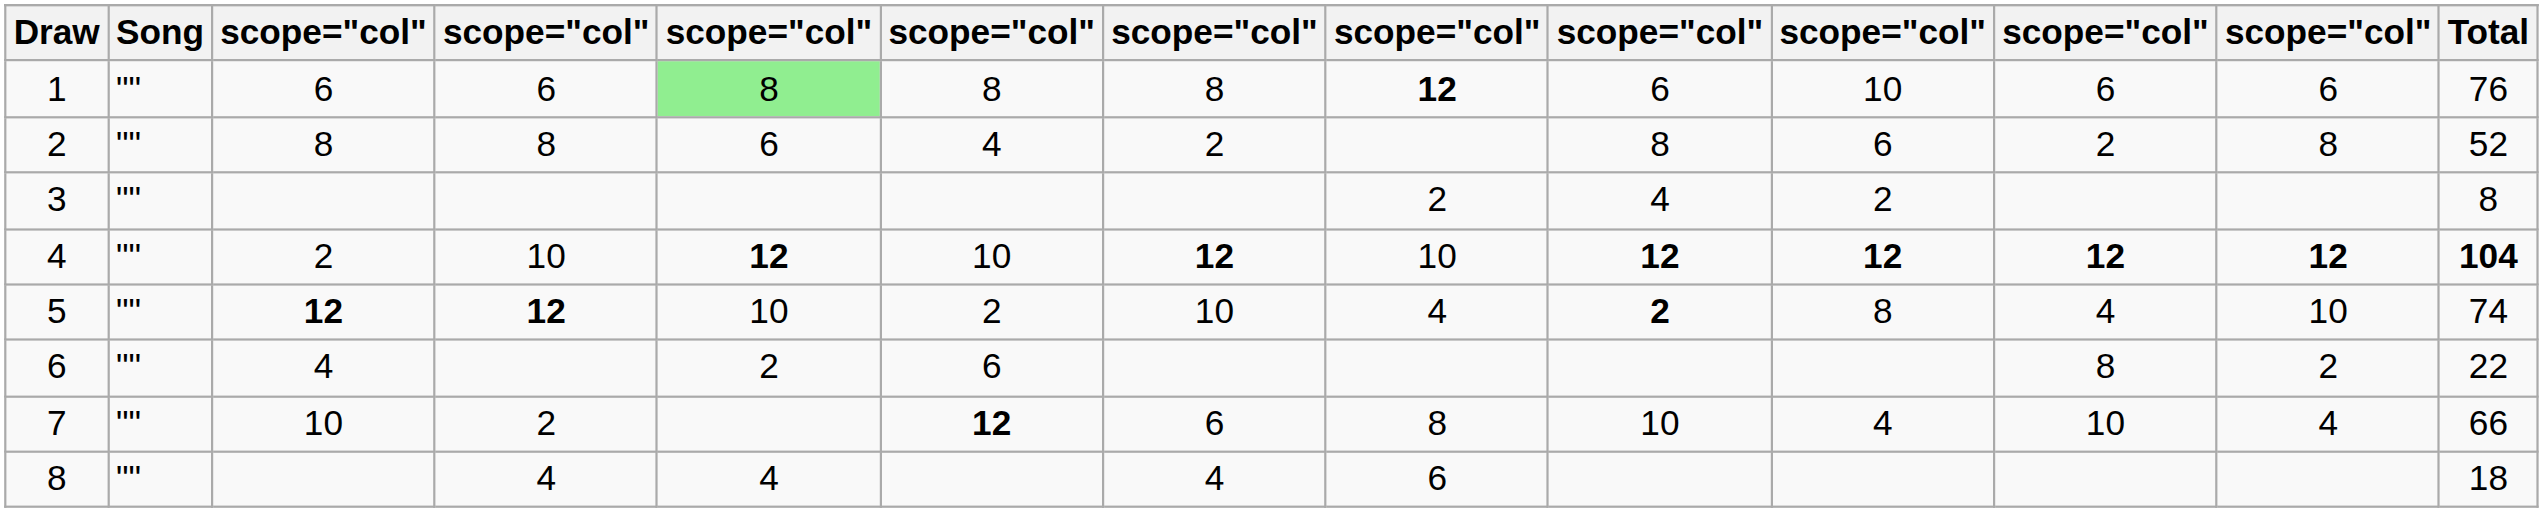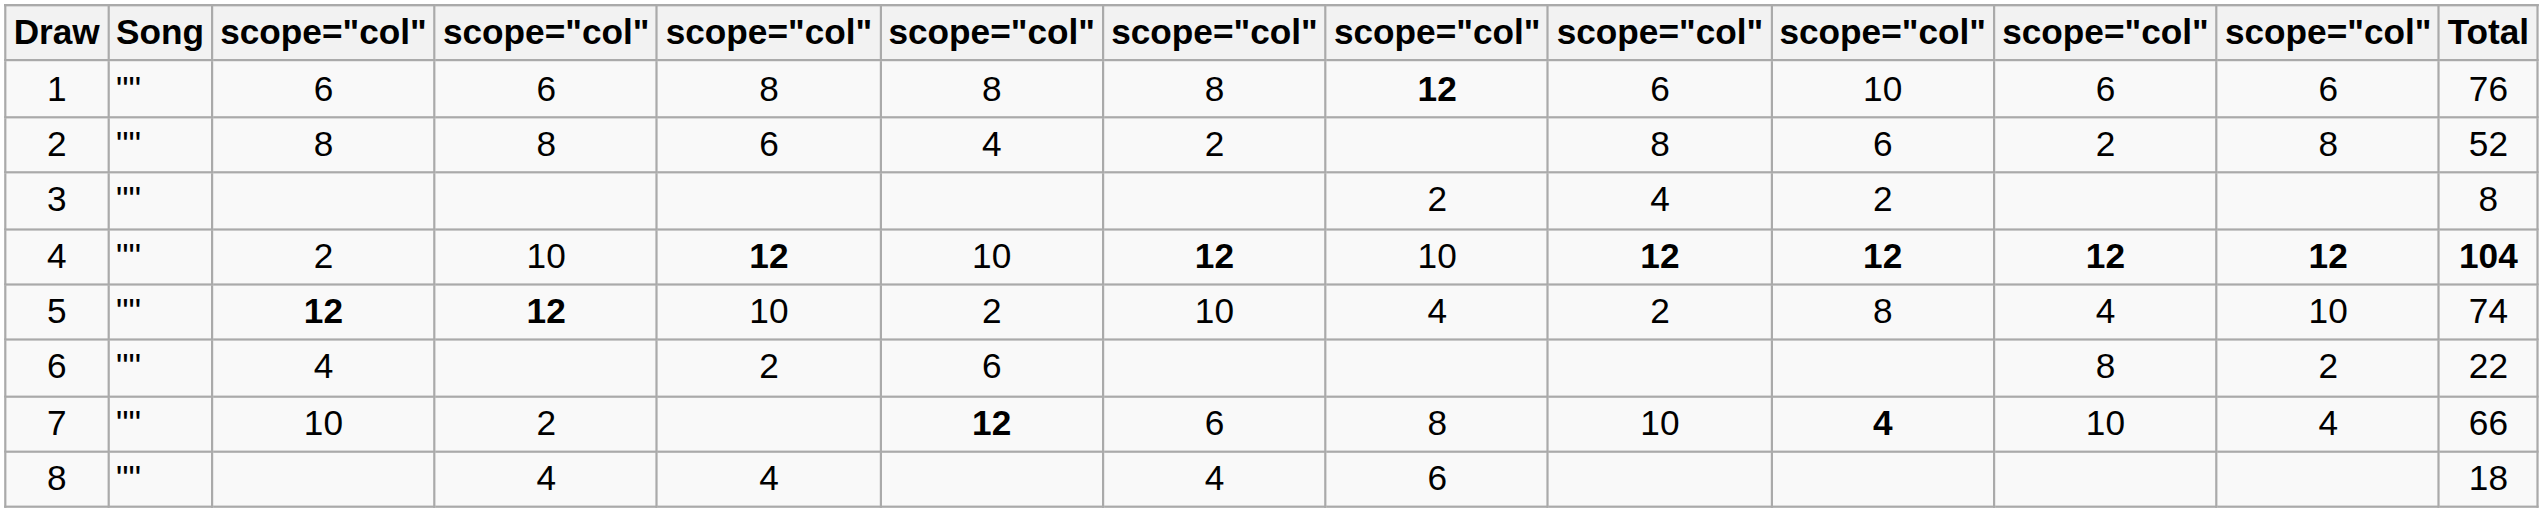 <table class="wikitable collapsible" style="margin: 1em auto 1em auto; text-align:center;">
 <tr>
 </tr>
 <tr>
 <th>Draw</th>
 <th>Song</th>
 <th>scope="col" </th>
 <th>scope="col" </th>
 <th>scope="col" </th>
 <th>scope="col" </th>
 <th>scope="col" </th>
 <th>scope="col" </th>
 <th>scope="col" </th>
 <th>scope="col" </th>
 <th>scope="col" </th>
 <th>scope="col" </th>
 <th>Total</th>
 </tr>
 <tr>
 <td>1</td>
 <td align="left">""</td>
 <td>6</td>
 <td>6</td>
-<td style="background: lightgreen;">8</td>
+<td>8</td>
 <td>8</td>
 <td>8</td>
 <td><strong>12</strong></td>
 <td>6</td>
 <td>10</td>
 <td>6</td>
 <td>6</td>
 <td>76</td>
 </tr>
 <tr>
 <td>2</td>
 <td align="left">""</td>
 <td>8</td>
 <td>8</td>
 <td>6</td>
 <td>4</td>
 <td>2</td>
 <td></td>
 <td>8</td>
 <td>6</td>
 <td>2</td>
 <td>8</td>
 <td>52</td>
 </tr>
 <tr>
 <td>3</td>
 <td align="left">""</td>
 <td></td>
 <td></td>
 <td></td>
 <td></td>
 <td></td>
 <td>2</td>
 <td>4</td>
 <td>2</td>
 <td></td>
 <td></td>
 <td>8</td>
 </tr>
 <tr>
 <td>4</td>
 <td align="left">""</td>
 <td>2</td>
 <td>10</td>
 <td><strong>12</strong></td>
 <td>10</td>
 <td><strong>12</strong></td>
 <td>10</td>
 <td><strong>12</strong></td>
 <td><strong>12</strong></td>
 <td><strong>12</strong></td>
 <td><strong>12</strong></td>
 <td><strong>104</strong></td>
 </tr>
 <tr>
 <td>5</td>
 <td align="left">""</td>
 <td><strong>12</strong></td>
 <td><strong>12</strong></td>
 <td>10</td>
 <td>2</td>
 <td>10</td>
 <td>4</td>
-<td><strong>2</strong></td>
+<td>2</td>
 <td>8</td>
 <td>4</td>
 <td>10</td>
 <td>74</td>
 </tr>
 <tr>
 <td>6</td>
 <td align="left">""</td>
 <td>4</td>
 <td></td>
 <td>2</td>
 <td>6</td>
 <td></td>
 <td></td>
 <td></td>
 <td></td>
 <td>8</td>
 <td>2</td>
 <td>22</td>
 </tr>
 <tr>
 <td>7</td>
 <td align="left">""</td>
 <td>10</td>
 <td>2</td>
 <td></td>
 <td><strong>12</strong></td>
 <td>6</td>
 <td>8</td>
 <td>10</td>
-<td>4</td>
+<td><strong>4</strong></td>
 <td>10</td>
 <td>4</td>
 <td>66</td>
 </tr>
 <tr>
 <td>8</td>
 <td align="left">""</td>
 <td></td>
 <td>4</td>
 <td>4</td>
 <td></td>
 <td>4</td>
 <td>6</td>
 <td></td>
 <td></td>
 <td></td>
 <td></td>
 <td>18</td>
 </tr>
 </table>
